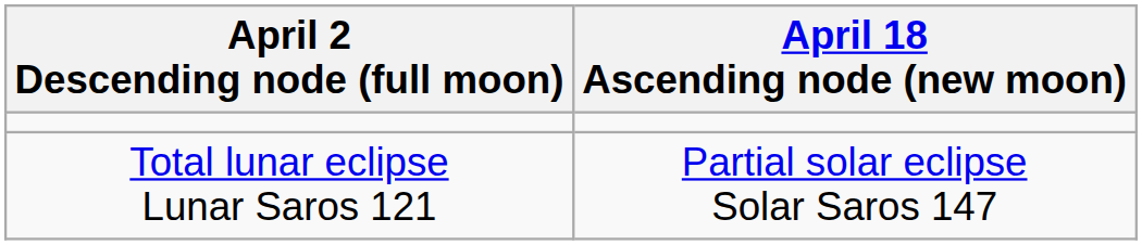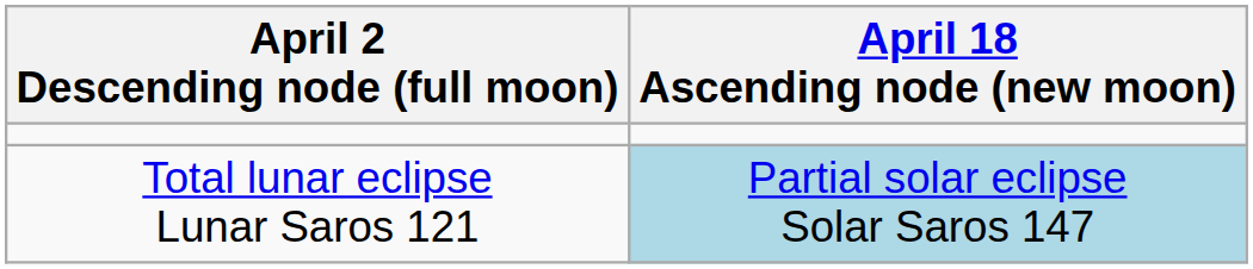 <table class="wikitable">
 <tr>
 <th>April 2<br>Descending node (full moon)</th>
 <th><a href='#'>April 18</a><br>Ascending node (new moon)</th>
 </tr>
 <tr>
 <td></td>
 <td></td>
 </tr>
 <tr align=center>
 <td><a href='#'>Total lunar eclipse</a><br>Lunar Saros 121</td>
-<td><a href='#'>Partial solar eclipse</a><br>Solar Saros 147</td>
+<td style="background: lightblue;"><a href='#'>Partial solar eclipse</a><br>Solar Saros 147</td>
 </tr>
 </table>
